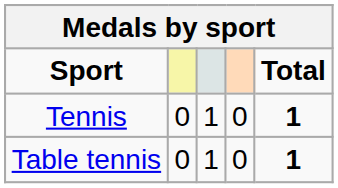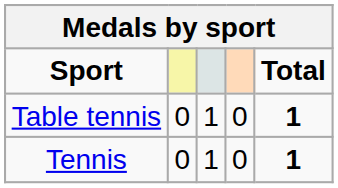 <table class="wikitable" style="font-size:85%; text-align:center;">
 <tr style="background:#efefef;">
 <th colspan=5><strong>Medals by sport</strong></th>
 </tr>
 <tr>
 <td><strong>Sport</strong></td>
 <td style="background:#f7f6a8;"></td>
 <td style="background:#dce5e5;"></td>
 <td style="background:#ffdab9;"></td>
 <td><strong>Total</strong></td>
 </tr>
 <tr>
+<td><a href='#'>Table tennis</a></td>
+<td>0</td>
+<td>1</td>
+<td>0</td>
+<td><strong>1</strong></td>
+</tr>
+<tr>
 <td><a href='#'>Tennis</a></td>
 <td>0</td>
 <td>1</td>
 <td>0</td>
 <td><strong>1</strong></td>
 </tr>
-<tr>
-<td><a href='#'>Table tennis</a></td>
-<td>0</td>
-<td>1</td>
-<td>0</td>
-<td><strong>1</strong></td>
-</tr>
 </table>
